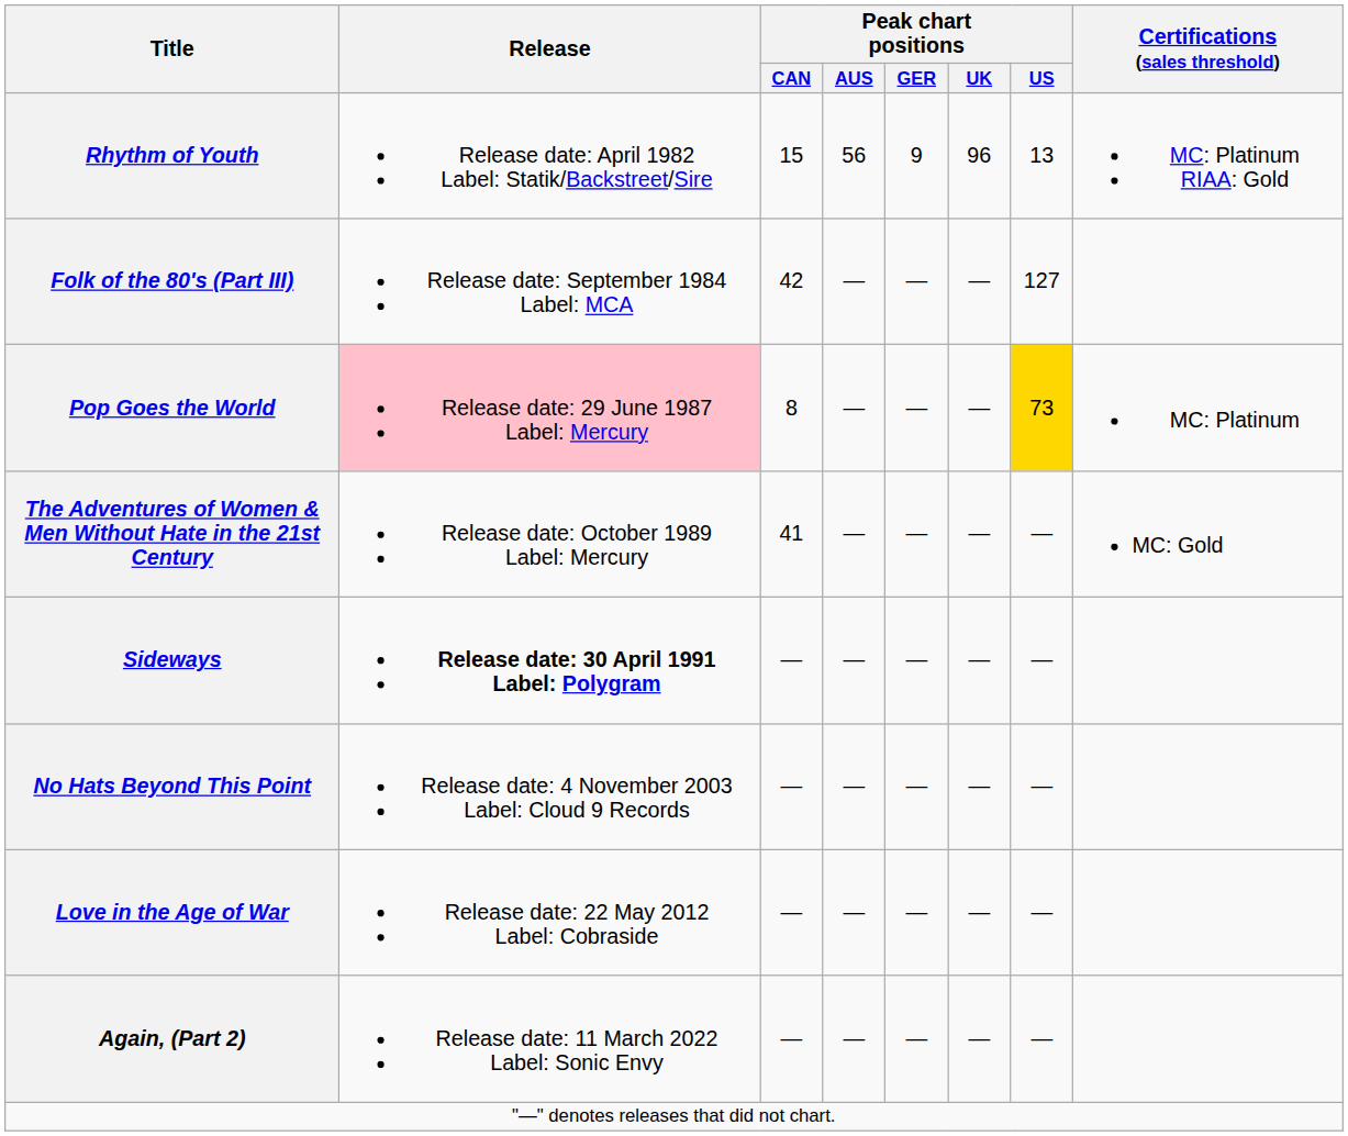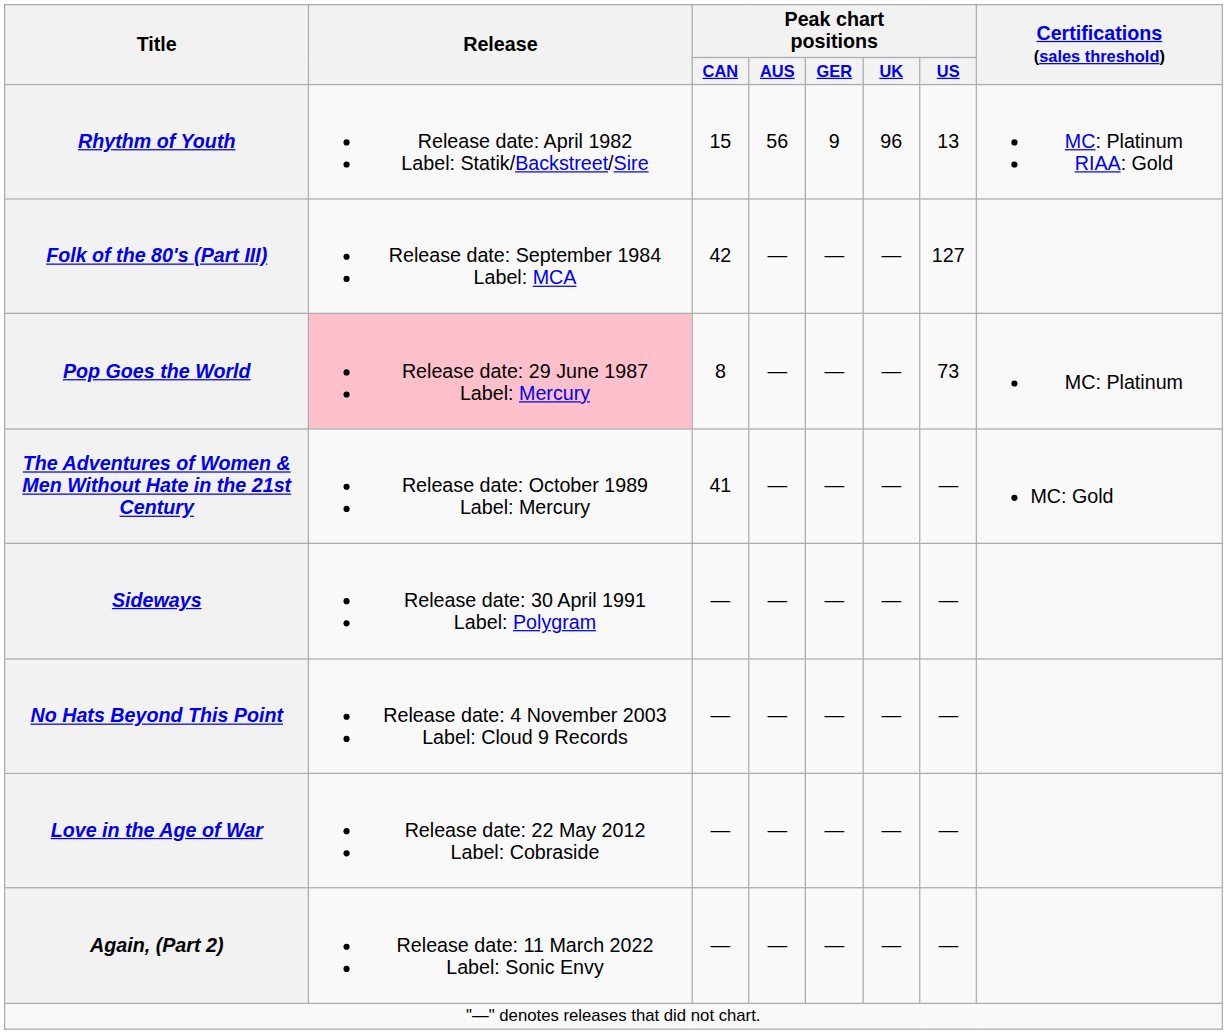 <table class="wikitable plainrowheaders" style="text-align:center;">
 <tr>
 <th rowspan="2" style="width:15em;">Title</th>
 <th rowspan="2" style="width:19em;">Release</th>
 <th colspan="5">Peak chart<br>positions</th>
 <th rowspan="2" style="width:12em;"><a href='#'>Certifications</a><br><small>(<a href='#'>sales threshold</a>)</small></th>
 </tr>
 <tr style="font-size:smaller;">
 <th width="40"><a href='#'>CAN</a></th>
 <th width="40"><a href='#'>AUS</a><br></th>
 <th width="40"><a href='#'>GER</a><br></th>
 <th width="40"><a href='#'>UK</a><br></th>
 <th width="40"><a href='#'>US</a><br></th>
 </tr>
 <tr>
 <th scope="row"><em><a href='#'>Rhythm of Youth</a></em></th>
 <td><br><ul><li>Release date: April 1982</li><li>Label: Statik/<a href='#'>Backstreet</a>/<a href='#'>Sire</a></li></ul></td>
 <td>15</td>
 <td>56</td>
 <td>9</td>
 <td>96</td>
 <td>13</td>
 <td><br><ul><li><a href='#'>MC</a>: Platinum</li><li><a href='#'>RIAA</a>: Gold</li></ul></td>
 </tr>
 <tr>
 <th scope="row"><em><a href='#'>Folk of the 80's (Part III)</a></em></th>
 <td><br><ul><li>Release date: September 1984</li><li>Label: <a href='#'>MCA</a></li></ul></td>
 <td>42</td>
 <td>—</td>
 <td>—</td>
 <td>—</td>
 <td>127</td>
 <td></td>
 </tr>
 <tr>
 <th scope="row"><em><a href='#'>Pop Goes the World</a></em></th>
 <td style="background: pink;"><br><ul><li>Release date: 29 June 1987</li><li>Label: <a href='#'>Mercury</a></li></ul></td>
 <td>8</td>
 <td>—</td>
 <td>—</td>
 <td>—</td>
-<td style="background: gold;">73</td>
+<td>73</td>
 <td><br><ul><li>MC: Platinum</li></ul></td>
 </tr>
 <tr>
 <th scope="row"><em><a href='#'>The Adventures of Women & Men Without Hate in the 21st Century</a></em></th>
 <td><br><ul><li>Release date: October 1989</li><li>Label: Mercury</li></ul></td>
 <td>41</td>
 <td>—</td>
 <td>—</td>
 <td>—</td>
 <td>—</td>
 <td align="left"><br><ul><li>MC: Gold</li></ul></td>
 </tr>
 <tr>
 <th scope="row"><em><a href='#'>Sideways</a></em></th>
-<td><strong><br><ul><li>Release date: 30 April 1991</li><li>Label: <a href='#'>Polygram</a></li></ul></strong></td>
+<td><br><ul><li>Release date: 30 April 1991</li><li>Label: <a href='#'>Polygram</a></li></ul></td>
 <td>—</td>
 <td>—</td>
 <td>—</td>
 <td>—</td>
 <td>—</td>
 <td align="left"></td>
 </tr>
 <tr>
 <th scope="row"><em><a href='#'>No Hats Beyond This Point</a></em></th>
 <td><br><ul><li>Release date: 4 November 2003</li><li>Label: Cloud 9 Records</li></ul></td>
 <td>—</td>
 <td>—</td>
 <td>—</td>
 <td>—</td>
 <td>—</td>
 <td align="left"></td>
 </tr>
 <tr>
 <th scope="row"><em><a href='#'>Love in the Age of War</a></em></th>
 <td><br><ul><li>Release date: 22 May 2012</li><li>Label: Cobraside</li></ul></td>
 <td>—</td>
 <td>—</td>
 <td>—</td>
 <td>—</td>
 <td>—</td>
 <td align="left"></td>
 </tr>
 <tr>
 <th scope="row"><em>Again, (Part 2)</em></th>
 <td><br><ul><li>Release date: 11 March 2022</li><li>Label: Sonic Envy</li></ul></td>
 <td>—</td>
 <td>—</td>
 <td>—</td>
 <td>—</td>
 <td>—</td>
 <td align="left"></td>
 </tr>
 <tr>
 <td colspan="12" style="font-size:85%">"—" denotes releases that did not chart.</td>
 </tr>
 </table>
